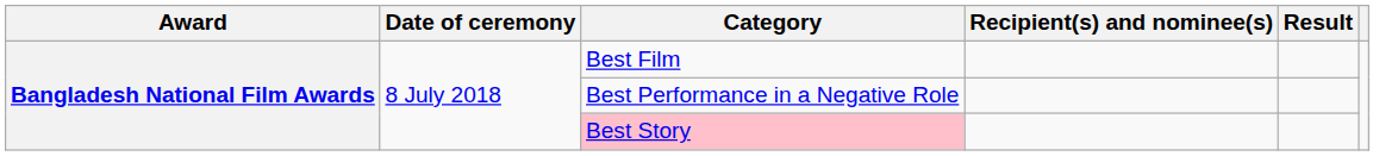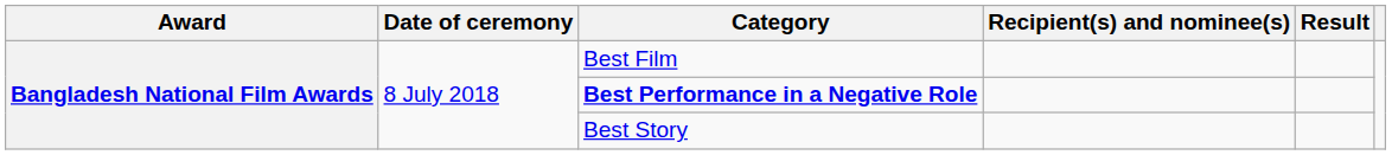 <table class="wikitable plainrowheaders sortable">
 <tr>
 <th scope="col">Award</th>
 <th scope="col">Date of ceremony</th>
 <th scope="col">Category</th>
 <th scope="col">Recipient(s) and nominee(s)</th>
 <th scope="col">Result</th>
 <th scope="col" class="unsortable"></th>
 </tr>
 <tr>
 <th scope="row" rowspan="3"><a href='#'>Bangladesh National Film Awards</a></th>
 <td rowspan="3"><a href='#'>8 July 2018</a></td>
 <td><a href='#'>Best Film</a></td>
 <td></td>
 <td></td>
 <td style="text-align:center;" rowspan="3"></td>
 </tr>
 <tr>
-<td><a href='#'>Best Performance in a Negative Role</a></td>
+<td><strong><a href='#'>Best Performance in a Negative Role</a></strong></td>
 <td></td>
 <td></td>
 </tr>
 <tr>
-<td style="background: pink;"><a href='#'>Best Story</a></td>
+<td><a href='#'>Best Story</a></td>
 <td></td>
 <td></td>
 </tr>
 </table>
